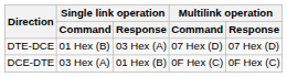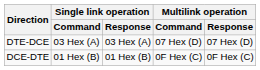 <table class="wikitable">
 <tr>
 <th rowspan="2">Direction</th>
 <th colspan="2">Single link operation</th>
 <th colspan="2">Multilink operation</th>
 </tr>
 <tr>
 <th>Command</th>
 <th>Response</th>
 <th>Command</th>
 <th>Response</th>
 </tr>
 <tr>
 <td>DTE-DCE</td>
-<td>01 Hex (B)</td>
+<td>03 Hex (A)</td>
 <td>03 Hex (A)</td>
 <td>07 Hex (D)</td>
 <td>07 Hex (D)</td>
 </tr>
 <tr>
 <td>DCE-DTE</td>
-<td>03 Hex (A)</td>
+<td>01 Hex (B)</td>
 <td>01 Hex (B)</td>
 <td>0F Hex (C)</td>
 <td>0F Hex (C)</td>
 </tr>
 </table>
